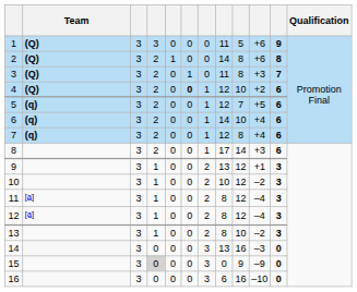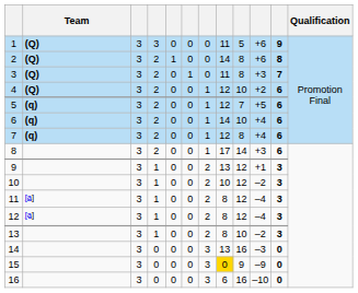 <table class="wikitable" style="text-align: center; font-size: 92%;">
 <tr>
 <th height=40 width="20"></th>
 <th width="155">Team</th>
 <th width="18"></th>
 <th width="20"></th>
 <th width="18"></th>
 <th width="18"></th>
 <th width="20"></th>
 <th width="18"></th>
 <th width="18"></th>
 <th width="25"></th>
 <th width="18"></th>
 <th width=90>Qualification</th>
 </tr>
 <tr style="background-color: #b8def6">
 <td>1</td>
 <td align=left> <strong>(Q)</strong> </td>
 <td>3</td>
 <td>3</td>
 <td>0</td>
 <td>0</td>
 <td>0</td>
 <td>11</td>
 <td>5</td>
 <td>+6</td>
 <td><strong>9</strong></td>
 <td rowspan="7"><br>Promotion<br>Final</td>
 </tr>
 <tr style="background-color: #b8def6">
 <td>2</td>
 <td align=left> <strong>(Q)</strong> </td>
 <td>3</td>
 <td>2</td>
 <td>1</td>
 <td>0</td>
 <td>0</td>
 <td>14</td>
 <td>8</td>
 <td>+6</td>
 <td><strong>8</strong></td>
 </tr>
 <tr style="background-color: #b8def6">
 <td>3</td>
 <td align=left> <strong>(Q)</strong> </td>
 <td>3</td>
 <td>2</td>
 <td>0</td>
 <td>1</td>
 <td>0</td>
 <td>11</td>
 <td>8</td>
 <td>+3</td>
 <td><strong>7</strong></td>
 </tr>
 <tr style="background-color: #b8def6;  border-bottom: 2px solid #999999">
 <td>4</td>
 <td align=left> <strong>(Q)</strong> </td>
 <td>3</td>
 <td>2</td>
 <td>0</td>
-<td><strong>0</strong></td>
+<td>0</td>
 <td>1</td>
 <td>12</td>
 <td>10</td>
 <td>+2</td>
 <td><strong>6</strong></td>
 </tr>
 <tr style="background-color: #b8def6">
 <td>5</td>
 <td align=left> <strong>(q)</strong> </td>
 <td>3</td>
 <td>2</td>
 <td>0</td>
 <td>0</td>
 <td>1</td>
 <td>12</td>
 <td>7</td>
 <td>+5</td>
 <td><strong>6</strong></td>
 </tr>
 <tr style="background-color: #b8def6">
 <td>6</td>
 <td align=left> <strong>(q)</strong> </td>
 <td>3</td>
 <td>2</td>
 <td>0</td>
 <td>0</td>
 <td>1</td>
 <td>14</td>
 <td>10</td>
 <td>+4</td>
 <td><strong>6</strong></td>
 </tr>
 <tr style="background-color: #b8def6">
 <td>7</td>
 <td align=left> <strong>(q)</strong> </td>
 <td>3</td>
 <td>2</td>
 <td>0</td>
 <td>0</td>
 <td>1</td>
 <td>12</td>
 <td>8</td>
 <td>+4</td>
 <td><strong>6</strong></td>
 </tr>
 <tr>
 <td>8</td>
 <td align=left> </td>
 <td>3</td>
 <td>2</td>
 <td>0</td>
 <td>0</td>
 <td>1</td>
 <td>17</td>
 <td>14</td>
 <td>+3</td>
 <td><strong>6</strong></td>
 <td rowspan="9"></td>
 </tr>
 <tr style="border-top: 2px solid #999999">
 <td>9</td>
 <td align=left> </td>
 <td>3</td>
 <td>1</td>
 <td>0</td>
 <td>0</td>
 <td>2</td>
 <td>13</td>
 <td>12</td>
 <td>+1</td>
 <td><strong>3</strong></td>
 </tr>
 <tr>
 <td>10</td>
 <td align=left> </td>
 <td>3</td>
 <td>1</td>
 <td>0</td>
 <td>0</td>
 <td>2</td>
 <td>10</td>
 <td>12</td>
 <td>–2</td>
 <td><strong>3</strong></td>
 </tr>
 <tr>
 <td>11</td>
 <td align=left><sup><a href='#'>[a</a>]</sup> </td>
 <td>3</td>
 <td>1</td>
 <td>0</td>
 <td>0</td>
 <td>2</td>
 <td>8</td>
 <td>12</td>
 <td>–4</td>
 <td><strong>3</strong></td>
 </tr>
 <tr style="border-bottom: 2px solid #999999">
 <td>12</td>
 <td align=left><sup><a href='#'>[a</a>]</sup> </td>
 <td>3</td>
 <td>1</td>
 <td>0</td>
 <td>0</td>
 <td>2</td>
 <td>8</td>
 <td>12</td>
 <td>–4</td>
 <td><strong>3</strong></td>
 </tr>
 <tr>
 <td>13</td>
 <td align=left> </td>
 <td>3</td>
 <td>1</td>
 <td>0</td>
 <td>0</td>
 <td>2</td>
 <td>8</td>
 <td>10</td>
 <td>–2</td>
 <td><strong>3</strong></td>
 </tr>
 <tr>
 <td>14</td>
 <td align=left> </td>
 <td>3</td>
 <td>0</td>
 <td>0</td>
 <td>0</td>
 <td>3</td>
 <td>13</td>
 <td>16</td>
 <td>–3</td>
 <td><strong>0</strong></td>
 </tr>
 <tr>
 <td>15</td>
 <td align=left> </td>
 <td>3</td>
-<td style="background: lightgrey;">0</td>
+<td>0</td>
 <td>0</td>
 <td>0</td>
 <td>3</td>
-<td>0</td>
+<td style="background: gold;">0</td>
 <td>9</td>
 <td>–9</td>
 <td><strong>0</strong></td>
 </tr>
 <tr>
 <td>16</td>
 <td align=left> </td>
 <td>3</td>
 <td>0</td>
 <td>0</td>
 <td>0</td>
 <td>3</td>
 <td>6</td>
 <td>16</td>
 <td>–10</td>
 <td><strong>0</strong></td>
 </tr>
 </table>
